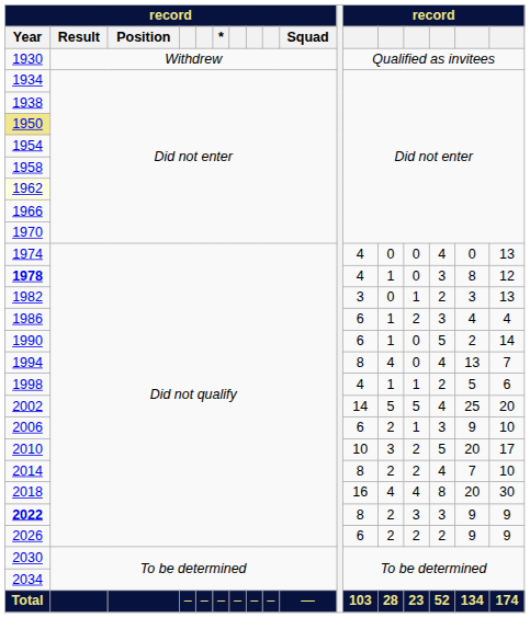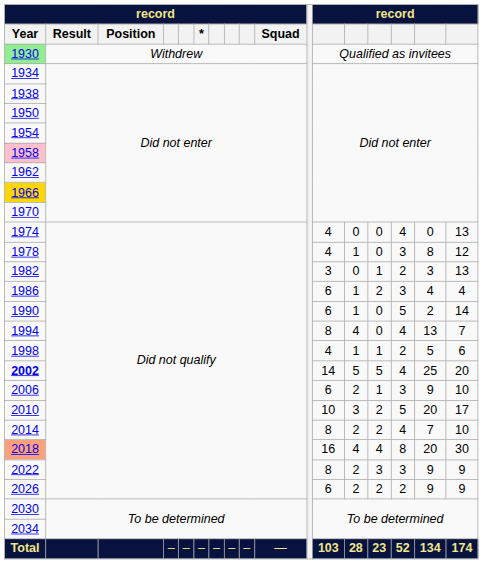 <table class="wikitable" style="text-align: center;">
 <tr>
 <th colspan=10 style="background: #07123F; color: #F1E788;"><a href='#'></a> record</th>
 <th style="width:1%;" rowspan=28></th>
 <th colspan=7 style="background: #07123F; color: #F1E788;"><a href='#'></a> record</th>
 </tr>
 <tr>
 <th>Year</th>
 <th>Result</th>
 <th>Position</th>
 <th></th>
 <th></th>
 <th>*</th>
 <th></th>
 <th></th>
 <th></th>
 <th>Squad</th>
 <th></th>
 <th></th>
 <th></th>
 <th></th>
 <th></th>
 <th></th>
 </tr>
 <tr>
-<td> <a href='#'>1930</a></td>
+<td style="background: lightgreen;"> <a href='#'>1930</a></td>
 <td colspan=9><em>Withdrew</em></td>
 <td colspan=7><em>Qualified as invitees</em></td>
 </tr>
 <tr>
 <td> <a href='#'>1934</a></td>
 <td colspan=9 rowspan=8><em>Did not enter</em></td>
 <td colspan=7 rowspan=8><em>Did not enter</em></td>
 </tr>
 <tr>
 <td> <a href='#'>1938</a></td>
 </tr>
 <tr>
-<td style="background: khaki;"> <a href='#'>1950</a></td>
+<td> <a href='#'>1950</a></td>
 </tr>
 <tr>
 <td> <a href='#'>1954</a></td>
 </tr>
 <tr>
-<td> <a href='#'>1958</a></td>
+<td style="background: pink;"> <a href='#'>1958</a></td>
 </tr>
 <tr>
-<td style="background: lightyellow;"> <a href='#'>1962</a></td>
+<td> <a href='#'>1962</a></td>
 </tr>
 <tr>
-<td> <a href='#'>1966</a></td>
+<td style="background: gold;"> <a href='#'>1966</a></td>
 </tr>
 <tr>
 <td> <a href='#'>1970</a></td>
 </tr>
 <tr>
 <td> <a href='#'>1974</a></td>
 <td colspan=9 rowspan=14><em>Did not qualify</em></td>
 <td>4</td>
 <td>0</td>
 <td>0</td>
 <td>4</td>
 <td>0</td>
 <td>13</td>
 </tr>
 <tr>
-<td><strong> <a href='#'>1978</a></strong></td>
+<td> <a href='#'>1978</a></td>
 <td>4</td>
 <td>1</td>
 <td>0</td>
 <td>3</td>
 <td>8</td>
 <td>12</td>
 </tr>
 <tr>
 <td> <a href='#'>1982</a></td>
 <td>3</td>
 <td>0</td>
 <td>1</td>
 <td>2</td>
 <td>3</td>
 <td>13</td>
 </tr>
 <tr>
 <td> <a href='#'>1986</a></td>
 <td>6</td>
 <td>1</td>
 <td>2</td>
 <td>3</td>
 <td>4</td>
 <td>4</td>
 </tr>
 <tr>
 <td> <a href='#'>1990</a></td>
 <td>6</td>
 <td>1</td>
 <td>0</td>
 <td>5</td>
 <td>2</td>
 <td>14</td>
 </tr>
 <tr>
 <td> <a href='#'>1994</a></td>
 <td>8</td>
 <td>4</td>
 <td>0</td>
 <td>4</td>
 <td>13</td>
 <td>7</td>
 </tr>
 <tr>
 <td> <a href='#'>1998</a></td>
 <td>4</td>
 <td>1</td>
 <td>1</td>
 <td>2</td>
 <td>5</td>
 <td>6</td>
 </tr>
 <tr>
-<td>  <a href='#'>2002</a></td>
+<td><strong>  <a href='#'>2002</a></strong></td>
 <td>14</td>
 <td>5</td>
 <td>5</td>
 <td>4</td>
 <td>25</td>
 <td>20</td>
 </tr>
 <tr>
 <td> <a href='#'>2006</a></td>
 <td>6</td>
 <td>2</td>
 <td>1</td>
 <td>3</td>
 <td>9</td>
 <td>10</td>
 </tr>
 <tr>
 <td> <a href='#'>2010</a></td>
 <td>10</td>
 <td>3</td>
 <td>2</td>
 <td>5</td>
 <td>20</td>
 <td>17</td>
 </tr>
 <tr>
 <td> <a href='#'>2014</a></td>
 <td>8</td>
 <td>2</td>
 <td>2</td>
 <td>4</td>
 <td>7</td>
 <td>10</td>
 </tr>
 <tr>
-<td> <a href='#'>2018</a></td>
+<td style="background: lightsalmon;"> <a href='#'>2018</a></td>
 <td>16</td>
 <td>4</td>
 <td>4</td>
 <td>8</td>
 <td>20</td>
 <td>30</td>
 </tr>
 <tr>
-<td><strong> <a href='#'>2022</a></strong></td>
+<td> <a href='#'>2022</a></td>
 <td>8</td>
 <td>2</td>
 <td>3</td>
 <td>3</td>
 <td>9</td>
 <td>9</td>
 </tr>
 <tr>
 <td>   <a href='#'>2026</a></td>
 <td>6</td>
 <td>2</td>
 <td>2</td>
 <td>2</td>
 <td>9</td>
 <td>9</td>
 </tr>
 <tr>
 <td>   <a href='#'>2030</a></td>
 <td colspan=9 rowspan=2><em>To be determined</em></td>
 <td colspan=7 rowspan=2><em>To be determined</em></td>
 </tr>
 <tr>
 <td> <a href='#'>2034</a></td>
 </tr>
 <tr>
 <td style="background: #07123F; color: #F1E788;"><strong>Total</strong></td>
 <td style="background: #07123F; color: #F1E788;"></td>
 <td style="background: #07123F; color: #F1E788;"><strong></strong></td>
 <td style="background: #07123F; color: #F1E788;">–</td>
 <td style="background: #07123F; color: #F1E788;">–</td>
 <td style="background: #07123F; color: #F1E788;">–</td>
 <td style="background: #07123F; color: #F1E788;">–</td>
 <td style="background: #07123F; color: #F1E788;">–</td>
 <td style="background: #07123F; color: #F1E788;">–</td>
 <td style="background: #07123F; color: #F1E788;">—</td>
 <td style="background: #07123F; color: #F1E788;"><strong>103</strong></td>
 <td style="background: #07123F; color: #F1E788;"><strong>28</strong></td>
 <td style="background: #07123F; color: #F1E788;"><strong>23</strong></td>
 <td style="background: #07123F; color: #F1E788;"><strong>52</strong></td>
 <td style="background: #07123F; color: #F1E788;"><strong>134</strong></td>
 <td style="background: #07123F; color: #F1E788;"><strong>174</strong></td>
 </tr>
 </table>
